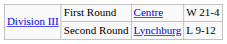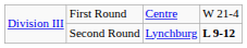 <table class="wikitable">
 <tr>
 <td rowspan="2"><a href='#'>Division III</a></td>
 <td>First Round</td>
 <td><a href='#'>Centre</a></td>
 <td>W 21-4</td>
 </tr>
 <tr>
 <td>Second Round</td>
 <td><a href='#'>Lynchburg</a></td>
-<td>L 9-12</td>
+<td><strong>L 9-12</strong></td>
 </tr>
 </table>
